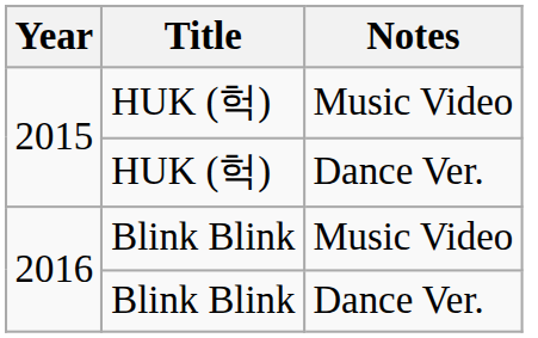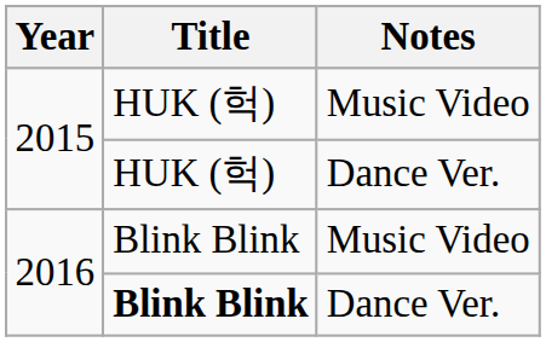 <table class="wikitable">
 <tr>
 <th>Year</th>
 <th>Title</th>
 <th>Notes</th>
 </tr>
 <tr>
 <td rowspan=2>2015</td>
 <td>HUK (헉)</td>
 <td>Music Video</td>
 </tr>
 <tr>
 <td>HUK (헉)</td>
 <td>Dance Ver.</td>
 </tr>
 <tr>
 <td rowspan=2>2016</td>
 <td>Blink Blink</td>
 <td>Music Video</td>
 </tr>
 <tr>
-<td>Blink Blink</td>
+<td><strong>Blink Blink</strong></td>
 <td>Dance Ver.</td>
 </tr>
 </table>
